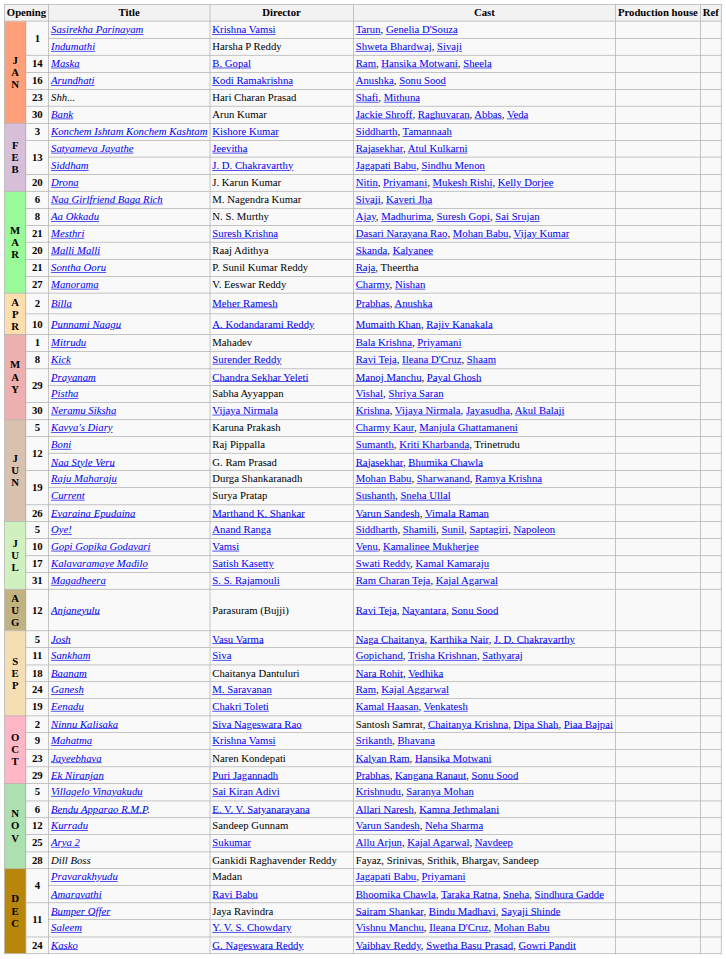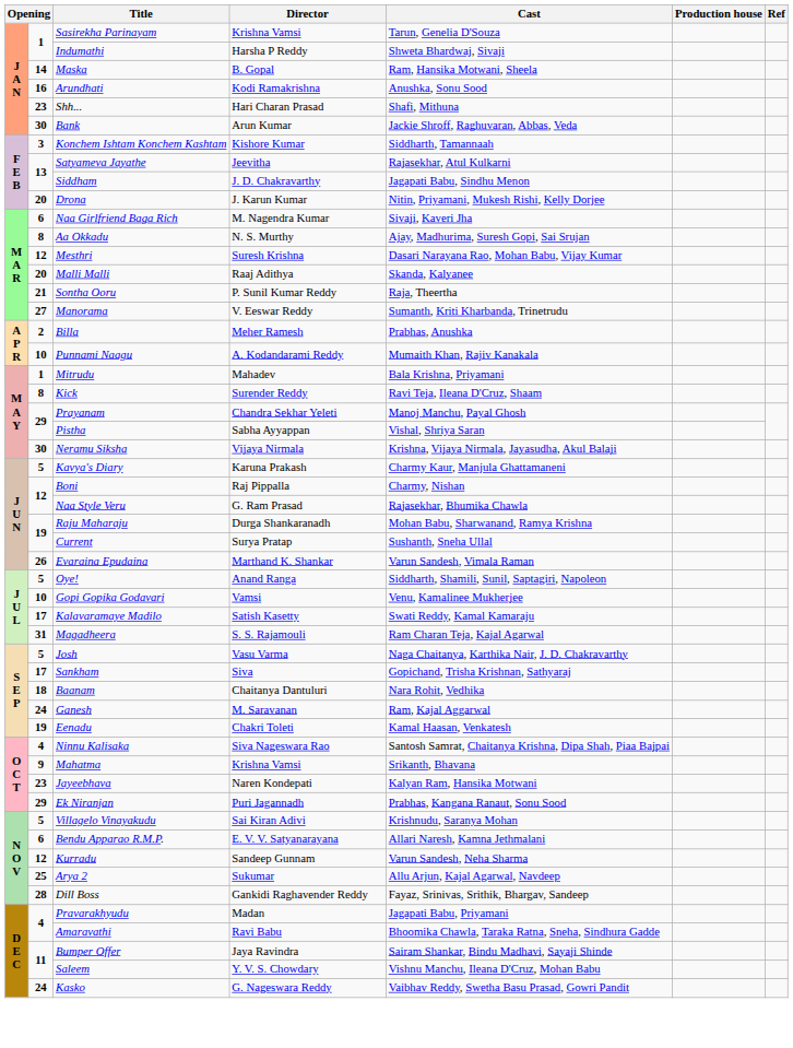 <table class="wikitable sortable">
 <tr style="background:#blue; text-align:center;">
 <th colspan="2">Opening</th>
 <th>Title</th>
 <th style="width:20%;"><strong>Director</strong></th>
 <th>Cast</th>
 <th>Production house</th>
 <th>Ref</th>
 </tr>
 <tr January!>
 <td rowspan="6" style="text-align:center; background:#FFA07A; textcolor:#000;"><strong>J<br>A<br>N</strong></td>
 <td rowspan="2" style="text-align:center;"><strong>1</strong></td>
 <td><em><a href='#'>Sasirekha Parinayam</a></em></td>
 <td><a href='#'>Krishna Vamsi</a></td>
 <td><a href='#'>Tarun</a>, <a href='#'>Genelia D'Souza</a></td>
 <td></td>
 <td></td>
 </tr>
 <tr>
 <td><em><a href='#'>Indumathi</a></em></td>
 <td>Harsha P Reddy</td>
 <td><a href='#'>Shweta Bhardwaj</a>, <a href='#'>Sivaji</a></td>
 <td></td>
 <td></td>
 </tr>
 <tr>
 <td rowspan="1" style="text-align:center;"><strong>14</strong></td>
 <td><em><a href='#'>Maska</a></em></td>
 <td><a href='#'>B. Gopal</a></td>
 <td><a href='#'>Ram</a>, <a href='#'>Hansika Motwani</a>, <a href='#'>Sheela</a></td>
 <td></td>
 <td></td>
 </tr>
 <tr January!>
 <td rowspan="1" style="text-align:center;"><strong>16</strong></td>
 <td><em><a href='#'>Arundhati</a></em></td>
 <td><a href='#'>Kodi Ramakrishna</a></td>
 <td><a href='#'>Anushka</a>, <a href='#'>Sonu Sood</a></td>
 <td></td>
 <td></td>
 </tr>
 <tr January!>
 <td rowspan="1" style="text-align:center;"><strong>23</strong></td>
 <td><em>Shh...</em></td>
 <td>Hari Charan Prasad</td>
 <td><a href='#'>Shafi</a>, <a href='#'>Mithuna</a></td>
 <td></td>
 <td></td>
 </tr>
 <tr January!>
 <td rowspan="1" style="text-align:center;"><strong>30</strong></td>
 <td><em><a href='#'>Bank</a></em></td>
 <td>Arun Kumar</td>
 <td><a href='#'>Jackie Shroff</a>, <a href='#'>Raghuvaran</a>, <a href='#'>Abbas</a>, <a href='#'>Veda</a></td>
 <td></td>
 </tr>
 <tr February!>
 <td rowspan="4" style="background:#D8BFD8; textcolor:#000;" valign="center" align="center"><strong>F<br>E<br>B</strong></td>
 <td rowspan="1" style="text-align:center;"><strong>3</strong></td>
 <td><em><a href='#'>Konchem Ishtam Konchem Kashtam</a></em></td>
 <td><a href='#'>Kishore Kumar</a></td>
 <td><a href='#'>Siddharth</a>, <a href='#'>Tamannaah</a></td>
 <td></td>
 <td></td>
 </tr>
 <tr>
 <td rowspan="2" style="text-align:center;"><strong>13</strong></td>
 <td><em><a href='#'>Satyameva Jayathe</a></em></td>
 <td><a href='#'>Jeevitha</a></td>
 <td><a href='#'>Rajasekhar</a>, <a href='#'>Atul Kulkarni</a></td>
 <td></td>
 <td></td>
 </tr>
 <tr>
 <td><em><a href='#'>Siddham</a></em></td>
 <td><a href='#'>J. D. Chakravarthy</a></td>
 <td><a href='#'>Jagapati Babu</a>, <a href='#'>Sindhu Menon</a></td>
 <td></td>
 <td></td>
 </tr>
 <tr>
 <td style="text-align:center;"><strong>20</strong></td>
 <td><em><a href='#'>Drona</a></em></td>
 <td>J. Karun Kumar</td>
 <td><a href='#'>Nitin</a>, <a href='#'>Priyamani</a>, <a href='#'>Mukesh Rishi</a>, <a href='#'>Kelly Dorjee</a></td>
 <td></td>
 <td></td>
 </tr>
 <tr March!>
 <td rowspan="6" style="background:#98FB98; textcolor:#000;" valign="center" align="center"><strong>M<br>A<br>R</strong></td>
 <td rowspan="1" style="text-align:center;"><strong>6</strong></td>
 <td><em><a href='#'>Naa Girlfriend Baga Rich</a></em></td>
 <td>M. Nagendra Kumar</td>
 <td><a href='#'>Sivaji</a>, <a href='#'>Kaveri Jha</a></td>
 <td></td>
 <td></td>
 </tr>
 <tr>
 <td rowspan="1" style="text-align:center;"><strong>8</strong></td>
 <td><em><a href='#'>Aa Okkadu</a></em></td>
 <td>N. S. Murthy</td>
 <td><a href='#'>Ajay</a>, <a href='#'>Madhurima</a>, <a href='#'>Suresh Gopi</a>, <a href='#'>Sai Srujan</a></td>
 <td></td>
 <td></td>
 </tr>
 <tr>
-<td rowspan="1" style="text-align:center;"><strong>21</strong></td>
+<td rowspan="1" style="text-align:center;"><strong>12</strong></td>
 <td><em><a href='#'>Mesthri</a></em></td>
 <td><a href='#'>Suresh Krishna</a></td>
 <td><a href='#'>Dasari Narayana Rao</a>, <a href='#'>Mohan Babu</a>, <a href='#'>Vijay Kumar</a></td>
 <td></td>
 <td></td>
 </tr>
 <tr>
 <td rowspan="1" style="text-align:center;"><strong>20</strong></td>
 <td><em><a href='#'>Malli Malli</a></em></td>
 <td>Raaj Adithya</td>
 <td><a href='#'>Skanda</a>, <a href='#'>Kalyanee</a></td>
 <td></td>
 <td></td>
 </tr>
 <tr>
 <td rowspan="1" align="center"><strong>21</strong></td>
 <td><em><a href='#'>Sontha Ooru</a></em></td>
 <td>P. Sunil Kumar Reddy</td>
 <td><a href='#'>Raja</a>, Theertha</td>
 <td></td>
 <td></td>
 </tr>
 <tr>
 <td rowspan="1" style="text-align:center;"><strong>27</strong></td>
 <td><em><a href='#'>Manorama</a></em></td>
 <td>V. Eeswar Reddy</td>
-<td><a href='#'>Charmy</a>, <a href='#'>Nishan</a></td>
+<td><a href='#'>Sumanth</a>, <a href='#'>Kriti Kharbanda</a>, Trinetrudu</td>
 <td></td>
 <td></td>
 </tr>
 <tr April!>
 <td rowspan="2" style="background:#FFDEAD; textcolor:#000;" valign="center" align="center"><strong>A<br>P<br>R</strong></td>
 <td rowspan="1" align="center"><strong>2</strong></td>
 <td><em><a href='#'>Billa</a></em></td>
 <td><a href='#'>Meher Ramesh</a></td>
 <td><a href='#'>Prabhas</a>, <a href='#'>Anushka</a></td>
 <td></td>
 <td></td>
 </tr>
 <tr>
 <td rowspan="1" align="center"><strong>10</strong></td>
 <td><em><a href='#'>Punnami Naagu</a></em></td>
 <td><a href='#'>A. Kodandarami Reddy</a></td>
 <td><a href='#'>Mumaith Khan</a>, <a href='#'>Rajiv Kanakala</a></td>
 <td></td>
 <td></td>
 </tr>
 <tr May!>
 <td rowspan="5" style="background:#edafaf; textcolor:#000;" valign="center" align="center"><strong>M<br>A<br>Y</strong></td>
 <td rowspan="1" align="center"><strong>1</strong></td>
 <td><em><a href='#'>Mitrudu</a></em></td>
 <td>Mahadev</td>
 <td><a href='#'>Bala Krishna</a>, <a href='#'>Priyamani</a></td>
 <td></td>
 <td></td>
 </tr>
 <tr>
 <td rowspan="1" style="text-align:center;"><strong>8</strong></td>
 <td><em><a href='#'>Kick</a></em></td>
 <td><a href='#'>Surender Reddy</a></td>
 <td><a href='#'>Ravi Teja</a>, <a href='#'>Ileana D'Cruz</a>, <a href='#'>Shaam</a></td>
 <td></td>
 <td></td>
 </tr>
 <tr>
 <td rowspan="2" style="text-align:center;"><strong>29</strong></td>
 <td><em><a href='#'>Prayanam</a></em></td>
 <td><a href='#'>Chandra Sekhar Yeleti</a></td>
 <td><a href='#'>Manoj Manchu</a>, <a href='#'>Payal Ghosh</a></td>
 <td></td>
 </tr>
 <tr>
 <td><em><a href='#'>Pistha</a></em></td>
 <td>Sabha Ayyappan</td>
 <td><a href='#'>Vishal</a>, <a href='#'>Shriya Saran</a></td>
 <td></td>
 </tr>
 <tr>
 <td rowspan="1" style="text-align:center;"><strong>30</strong></td>
 <td><em><a href='#'>Neramu Siksha</a></em></td>
 <td><a href='#'>Vijaya Nirmala</a></td>
 <td><a href='#'>Krishna</a>, <a href='#'>Vijaya Nirmala</a>, <a href='#'>Jayasudha</a>, <a href='#'>Akul Balaji</a></td>
 <td></td>
 <td></td>
 </tr>
 <tr June!>
 <td rowspan="6" valign="center" align="center" style="background:#d9c1b0; textcolor:#000;"><strong>J<br>U<br>N</strong></td>
 <td rowspan="1" style="text-align:center;"><strong>5</strong></td>
 <td><em><a href='#'>Kavya's Diary</a></em></td>
 <td>Karuna Prakash</td>
 <td><a href='#'>Charmy Kaur</a>, <a href='#'>Manjula Ghattamaneni</a></td>
 <td></td>
 <td></td>
 </tr>
 <tr>
 <td rowspan="2" style="text-align:center;"><strong>12</strong></td>
 <td><em><a href='#'>Boni</a></em></td>
 <td>Raj Pippalla</td>
-<td><a href='#'>Sumanth</a>, <a href='#'>Kriti Kharbanda</a>, Trinetrudu</td>
+<td><a href='#'>Charmy</a>, <a href='#'>Nishan</a></td>
 <td></td>
 <td></td>
 </tr>
 <tr>
 <td><em><a href='#'>Naa Style Veru</a></em></td>
 <td>G. Ram Prasad</td>
 <td><a href='#'>Rajasekhar</a>, <a href='#'>Bhumika Chawla</a></td>
 <td></td>
 <td></td>
 </tr>
 <tr>
 <td rowspan="2" align="center"><strong>19</strong></td>
 <td><em><a href='#'>Raju Maharaju</a></em></td>
 <td>Durga Shankaranadh</td>
 <td><a href='#'>Mohan Babu</a>, <a href='#'>Sharwanand</a>, <a href='#'>Ramya Krishna</a></td>
 <td></td>
 <td></td>
 </tr>
 <tr>
 <td><em><a href='#'>Current</a></em></td>
 <td>Surya Pratap</td>
 <td><a href='#'>Sushanth</a>, <a href='#'>Sneha Ullal</a></td>
 <td></td>
 <td></td>
 </tr>
 <tr>
 <td rowspan="1" style="text-align:center;"><strong>26</strong></td>
 <td><em><a href='#'>Evaraina Epudaina</a></em></td>
 <td><a href='#'>Marthand K. Shankar</a></td>
 <td><a href='#'>Varun Sandesh</a>, <a href='#'>Vimala Raman</a></td>
 <td></td>
 <td></td>
 </tr>
 <tr July!>
 <td rowspan="4" style="background:#d0f0c0; textcolor:#000;" valign="center" align="center"><strong>J<br>U<br>L</strong></td>
 <td rowspan="1" align="center"><strong>5</strong></td>
 <td><em><a href='#'>Oye!</a></em></td>
 <td><a href='#'>Anand Ranga</a></td>
 <td><a href='#'>Siddharth</a>, <a href='#'>Shamili</a>, <a href='#'>Sunil</a>, <a href='#'>Saptagiri</a>, <a href='#'>Napoleon</a></td>
 <td></td>
 <td></td>
 </tr>
 <tr>
 <td rowspan="1" style="text-align:center;"><strong>10</strong></td>
 <td><em><a href='#'>Gopi Gopika Godavari</a></em></td>
 <td><a href='#'>Vamsi</a></td>
 <td><a href='#'>Venu</a>, <a href='#'>Kamalinee Mukherjee</a></td>
 <td></td>
 <td></td>
 </tr>
 <tr>
 <td rowspan="1" style="text-align:center;"><strong>17</strong></td>
 <td><em><a href='#'>Kalavaramaye Madilo</a></em></td>
 <td><a href='#'>Satish Kasetty</a></td>
 <td><a href='#'>Swati Reddy</a>, <a href='#'>Kamal Kamaraju</a></td>
 <td></td>
 <td></td>
 </tr>
 <tr>
 <td rowspan="1" style="text-align:center;"><strong>31</strong></td>
 <td><em><a href='#'>Magadheera</a></em></td>
 <td><a href='#'>S. S. Rajamouli</a></td>
 <td><a href='#'>Ram Charan Teja</a>, <a href='#'>Kajal Agarwal</a></td>
 <td></td>
 <td></td>
 </tr>
-<tr August!>
-<td rowspan="1" style="background:#C2B280; textcolor:#000;" valign="center" align="center"><strong>A<br>U<br>G</strong></td>
-<td rowspan="1" align="center"><strong>12</strong></td>
-<td><em><a href='#'>Anjaneyulu</a></em></td>
-<td>Parasuram (Bujji)</td>
-<td><a href='#'>Ravi Teja</a>, <a href='#'>Nayantara</a>, <a href='#'>Sonu Sood</a></td>
-<td></td>
-<td></td>
-</tr>
 <tr September!>
 <td rowspan="5" style="background:#F5DEB3; textcolor:#000;" valign="center" align="center"><strong>S<br>E<br>P</strong></td>
 <td rowspan="1" style="text-align:center;"><strong>5</strong></td>
 <td><em><a href='#'>Josh</a></em></td>
 <td><a href='#'>Vasu Varma</a></td>
 <td><a href='#'>Naga Chaitanya</a>, <a href='#'>Karthika Nair</a>, <a href='#'>J. D. Chakravarthy</a></td>
 <td></td>
 <td></td>
 </tr>
 <tr>
-<td rowspan="1" style="text-align:center;"><strong>11</strong></td>
+<td rowspan="1" style="text-align:center;"><strong>17</strong></td>
 <td><em><a href='#'>Sankham</a></em></td>
 <td><a href='#'>Siva</a></td>
 <td><a href='#'>Gopichand</a>, <a href='#'>Trisha Krishnan</a>, <a href='#'>Sathyaraj</a></td>
 <td></td>
 <td></td>
 </tr>
 <tr>
 <td rowspan="1" align="center"><strong>18</strong></td>
 <td><em><a href='#'>Baanam</a></em></td>
 <td>Chaitanya Dantuluri</td>
 <td><a href='#'>Nara Rohit</a>, <a href='#'>Vedhika</a></td>
 <td></td>
 <td></td>
 </tr>
 <tr>
 <td rowspan="1" style="text-align:center;"><strong>24</strong></td>
 <td><em><a href='#'>Ganesh</a></em></td>
 <td><a href='#'>M. Saravanan</a></td>
 <td><a href='#'>Ram</a>, <a href='#'>Kajal Aggarwal</a></td>
 <td></td>
 <td></td>
 </tr>
 <tr>
 <td rowspan="1" style="text-align:center;"><strong>19</strong></td>
 <td><em><a href='#'>Eenadu</a></em></td>
 <td><a href='#'>Chakri Toleti</a></td>
 <td><a href='#'>Kamal Haasan</a>, <a href='#'>Venkatesh</a></td>
 <td></td>
 <td></td>
 </tr>
 <tr October!>
 <td rowspan="4" style="text-align:center; background:#ffb7c5; textcolor:#000;"><strong>O<br>C<br>T</strong></td>
-<td rowspan="1" style="text-align:center;"><strong>2</strong></td>
+<td rowspan="1" style="text-align:center;"><strong>4</strong></td>
 <td><em><a href='#'>Ninnu Kalisaka</a></em></td>
 <td><a href='#'>Siva Nageswara Rao</a></td>
 <td>Santosh Samrat, <a href='#'>Chaitanya Krishna</a>, <a href='#'>Dipa Shah</a>, <a href='#'>Piaa Bajpai</a></td>
 <td></td>
 <td></td>
 </tr>
 <tr>
 <td rowspan="1" style="text-align:center;"><strong>9</strong></td>
 <td><em><a href='#'>Mahatma</a></em></td>
 <td><a href='#'>Krishna Vamsi</a></td>
 <td><a href='#'>Srikanth</a>, <a href='#'>Bhavana</a></td>
 <td></td>
 <td></td>
 </tr>
 <tr>
 <td rowspan="1" align="center"><strong>23</strong></td>
 <td><em><a href='#'>Jayeebhava</a></em></td>
 <td>Naren Kondepati</td>
 <td><a href='#'>Kalyan Ram</a>, <a href='#'>Hansika Motwani</a></td>
 <td></td>
 <td></td>
 </tr>
 <tr>
 <td rowspan="1" style="text-align:center;"><strong>29</strong></td>
 <td><em><a href='#'>Ek Niranjan</a></em></td>
 <td><a href='#'>Puri Jagannadh</a></td>
 <td><a href='#'>Prabhas</a>, <a href='#'>Kangana Ranaut</a>, <a href='#'>Sonu Sood</a></td>
 <td></td>
 <td></td>
 </tr>
 <tr November!>
 <td rowspan="5" style="background:#ACE1AF; textcolor:#000;" valign="center" align="center"><strong>N<br>O<br>V</strong></td>
 <td rowspan="1" style="text-align:center;"><strong>5</strong></td>
 <td><em><a href='#'>Villagelo Vinayakudu</a></em></td>
 <td><a href='#'>Sai Kiran Adivi</a></td>
 <td><a href='#'>Krishnudu</a>, <a href='#'>Saranya Mohan</a></td>
 <td></td>
 <td></td>
 </tr>
 <tr>
 <td rowspan="1" style="text-align:center;"><strong>6</strong></td>
 <td><em><a href='#'>Bendu Apparao R.M.P</a>.</em></td>
 <td><a href='#'>E. V. V. Satyanarayana</a></td>
 <td><a href='#'>Allari Naresh</a>, <a href='#'>Kamna Jethmalani</a></td>
 <td></td>
 <td></td>
 </tr>
 <tr>
 <td rowspan="1" align="center"><strong>12</strong></td>
 <td><em><a href='#'>Kurradu</a></em></td>
 <td>Sandeep Gunnam</td>
 <td><a href='#'>Varun Sandesh</a>, <a href='#'>Neha Sharma</a></td>
 <td></td>
 <td></td>
 </tr>
 <tr>
 <td rowspan="1" style="text-align:center;"><strong>25</strong></td>
 <td><em><a href='#'>Arya 2</a></em></td>
 <td><a href='#'>Sukumar</a></td>
 <td><a href='#'>Allu Arjun</a>, <a href='#'>Kajal Agarwal</a>, <a href='#'>Navdeep</a></td>
 <td></td>
 </tr>
 <tr>
 <td rowspan="1" style="text-align:center;"><strong>28</strong></td>
 <td><em>Dill Boss</em></td>
 <td>Gankidi Raghavender Reddy</td>
 <td>Fayaz, Srinivas, Srithik, Bhargav, Sandeep</td>
 <td></td>
 <td></td>
 </tr>
 <tr December!>
 <td rowspan="5" valign="center" align="center" style="background:#B8860B; textcolor:#000;"><strong>D<br>E<br>C</strong></td>
 <td rowspan="2" style="text-align:center;"><strong>4</strong></td>
 <td><em><a href='#'>Pravarakhyudu</a></em></td>
 <td>Madan</td>
 <td><a href='#'>Jagapati Babu</a>, <a href='#'>Priyamani</a></td>
 <td></td>
 <td></td>
 </tr>
 <tr>
 <td><em><a href='#'>Amaravathi</a></em></td>
 <td><a href='#'>Ravi Babu</a></td>
 <td><a href='#'>Bhoomika Chawla</a>, <a href='#'>Taraka Ratna</a>, <a href='#'>Sneha</a>, <a href='#'>Sindhura Gadde</a></td>
 <td></td>
 <td></td>
 </tr>
 <tr>
 <td rowspan="2" align="center"><strong>11</strong></td>
 <td><em><a href='#'>Bumper Offer</a></em></td>
 <td>Jaya Ravindra</td>
 <td><a href='#'>Sairam Shankar</a>, <a href='#'>Bindu Madhavi</a>, <a href='#'>Sayaji Shinde</a></td>
 <td></td>
 <td></td>
 </tr>
 <tr>
 <td><em><a href='#'>Saleem</a></em></td>
 <td><a href='#'>Y. V. S. Chowdary</a></td>
 <td><a href='#'>Vishnu Manchu</a>, <a href='#'>Ileana D'Cruz</a>, <a href='#'>Mohan Babu</a></td>
 <td></td>
 <td></td>
 </tr>
 <tr>
 <td rowspan="1" style="text-align:center;"><strong>24</strong></td>
 <td><em><a href='#'>Kasko</a></em></td>
 <td><a href='#'>G. Nageswara Reddy</a></td>
 <td><a href='#'>Vaibhav Reddy</a>, <a href='#'>Swetha Basu Prasad</a>, <a href='#'>Gowri Pandit</a></td>
 <td></td>
 <td></td>
 </tr>
 </table>
